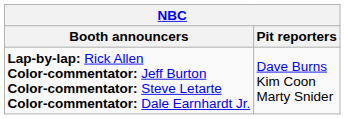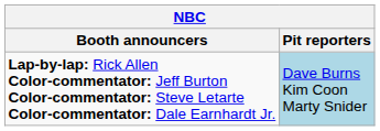 <table class="wikitable" style="font-size: 95%;">
 <tr>
 <th colspan="2"><a href='#'>NBC</a></th>
 </tr>
 <tr>
 <th>Booth announcers</th>
 <th>Pit reporters</th>
 </tr>
 <tr>
 <td><strong>Lap-by-lap:</strong> <a href='#'>Rick Allen</a><br><strong>Color-commentator:</strong> <a href='#'>Jeff Burton</a><br><strong>Color-commentator:</strong> <a href='#'>Steve Letarte</a><br><strong>Color-commentator:</strong> <a href='#'>Dale Earnhardt Jr.</a></td>
-<td><a href='#'>Dave Burns</a><br>Kim Coon<br>Marty Snider</td>
+<td style="background: lightblue;"><a href='#'>Dave Burns</a><br>Kim Coon<br>Marty Snider</td>
 </tr>
 </table>
